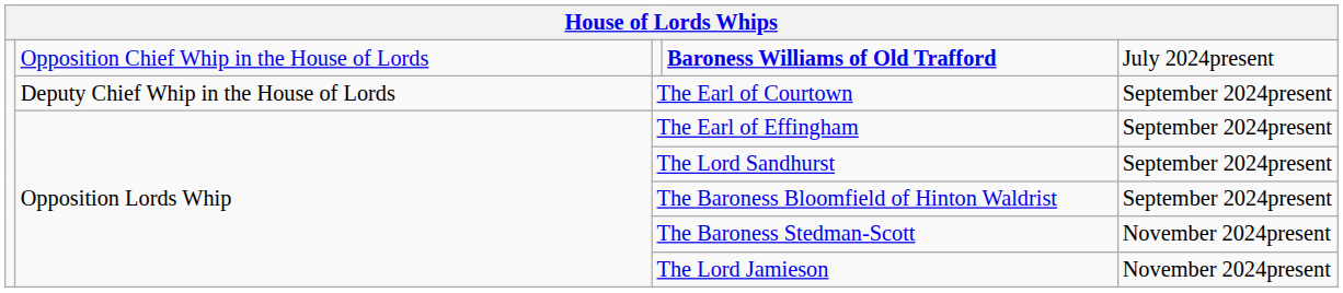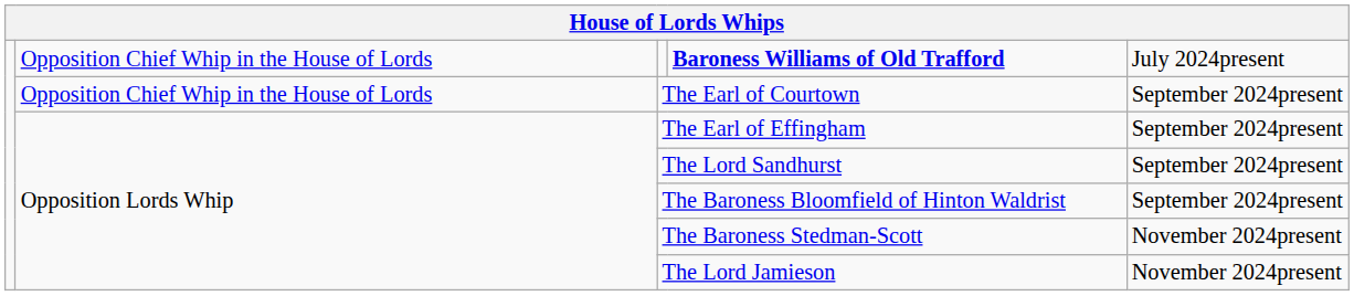 <table class="wikitable">
 <tr>
 <th colspan="5"><a href='#'>House of Lords Whips</a></th>
 </tr>
 <tr>
 <td rowspan="7" style="background: "></td>
 <td style="width: 450px;"><a href='#'>Opposition Chief Whip in the House of Lords</a></td>
 <td style="background: "></td>
 <td style="width: 320px;"><strong><a href='#'>Baroness Williams of Old Trafford</a></strong></td>
 <td>July 2024present</td>
 </tr>
 <tr>
-<td>Deputy Chief Whip in the House of Lords</td>
+<td style="width: 450px;"><a href='#'>Opposition Chief Whip in the House of Lords</a></td>
 <td colspan="2"><a href='#'>The Earl of Courtown</a></td>
 <td>September 2024present</td>
 </tr>
 <tr>
 <td rowspan="5">Opposition Lords Whip</td>
 <td colspan="2"><a href='#'>The Earl of Effingham</a></td>
 <td>September 2024present</td>
 </tr>
 <tr>
 <td colspan="2"><a href='#'>The Lord Sandhurst</a></td>
 <td>September 2024present</td>
 </tr>
 <tr>
 <td colspan="2"><a href='#'>The Baroness Bloomfield of Hinton Waldrist</a></td>
 <td>September 2024present</td>
 </tr>
 <tr>
 <td colspan="2"><a href='#'>The Baroness Stedman-Scott</a></td>
 <td>November 2024present</td>
 </tr>
 <tr>
 <td colspan="2"><a href='#'>The Lord Jamieson</a></td>
 <td>November 2024present</td>
 </tr>
 </table>
